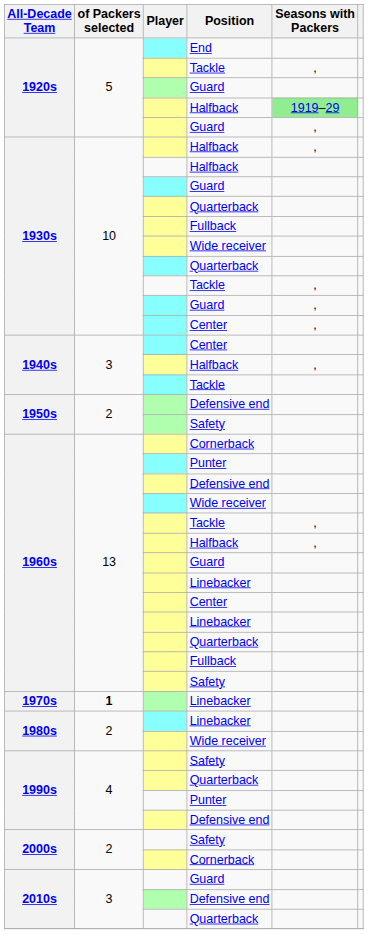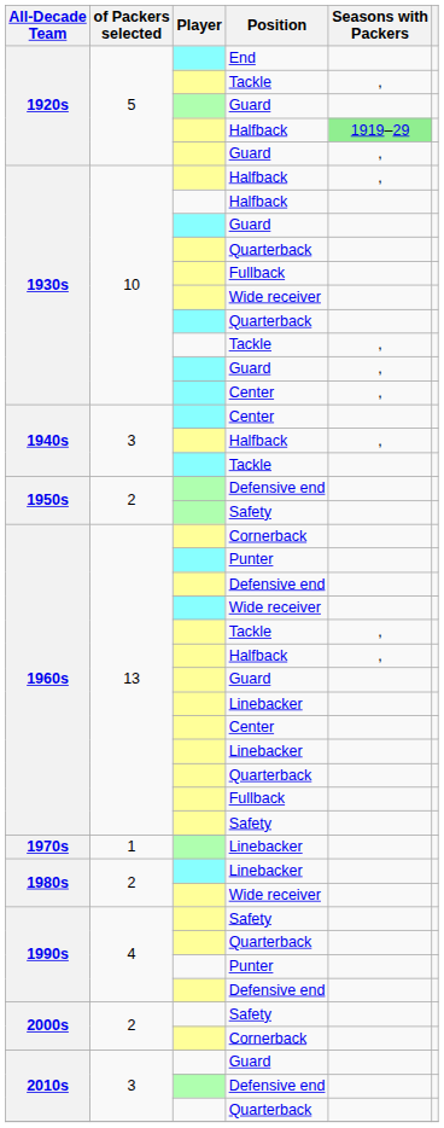 <table class='wikitable sortable sticky-header-multi' style="text-align: center;">
 <tr>
 <th scope="col"><a href='#'>All-Decade<br>Team</a></th>
 <th scope="col"> of Packers<br>selected</th>
 <th scope="col">Player</th>
 <th scope="col">Position</th>
 <th scope="col">Seasons with<br>Packers</th>
 <th scope="col" class=unsortable></th>
 </tr>
 <tr>
 <th scope=rowgroup rowspan="5"><a href='#'>1920s</a></th>
 <td rowspan="5">5</td>
 <td bgcolor="#88FFFF" align=left> <sup></sup></td>
 <td align=left><a href='#'>End</a></td>
 <td></td>
 <td></td>
 </tr>
 <tr>
 <td bgcolor="#FFFF99" align=left> </td>
 <td align=left><a href='#'>Tackle</a></td>
 <td>, </td>
 <td></td>
 </tr>
 <tr>
 <td bgcolor="#AFFFAF" align=left> </td>
 <td align=left><a href='#'>Guard</a></td>
 <td></td>
 <td></td>
 </tr>
 <tr>
 <td bgcolor="#FFFF99" align=left> </td>
 <td align=left><a href='#'>Halfback</a></td>
 <td style="background: lightgreen;"><a href='#'>1919</a>–<a href='#'>29</a></td>
 <td></td>
 </tr>
 <tr>
 <td bgcolor="#FFFF99" align=left> </td>
 <td align=left><a href='#'>Guard</a></td>
 <td>, </td>
 <td></td>
 </tr>
 <tr>
 <th scope=rowgroup rowspan="10"><a href='#'>1930s</a></th>
 <td rowspan="10">10</td>
 <td bgcolor="#FFFF99" align=left> </td>
 <td align=left><a href='#'>Halfback</a></td>
 <td>, </td>
 <td></td>
 </tr>
 <tr>
 <td align=left></td>
 <td align=left><a href='#'>Halfback</a></td>
 <td></td>
 <td></td>
 </tr>
 <tr>
 <td bgcolor="#88FFFF" align=left> <sup></sup></td>
 <td align=left><a href='#'>Guard</a></td>
 <td></td>
 <td></td>
 </tr>
 <tr>
 <td bgcolor="#FFFF99" align=left> </td>
 <td align=left><a href='#'>Quarterback</a></td>
 <td></td>
 <td></td>
 </tr>
 <tr>
 <td bgcolor="#FFFF99" align=left> </td>
 <td align=left><a href='#'>Fullback</a></td>
 <td></td>
 <td></td>
 </tr>
 <tr>
 <td bgcolor="#FFFF99" align=left> </td>
 <td align=left><a href='#'>Wide receiver</a></td>
 <td></td>
 <td></td>
 </tr>
 <tr>
 <td bgcolor="#88FFFF" align=left> <sup></sup></td>
 <td align=left><a href='#'>Quarterback</a></td>
 <td></td>
 <td></td>
 </tr>
 <tr>
 <td align=left></td>
 <td align=left><a href='#'>Tackle</a></td>
 <td>, </td>
 <td></td>
 </tr>
 <tr>
 <td bgcolor="#88FFFF" align=left> <sup></sup></td>
 <td align=left><a href='#'>Guard</a></td>
 <td>, </td>
 <td></td>
 </tr>
 <tr>
 <td bgcolor="#88FFFF" align=left> <sup></sup></td>
 <td align=left><a href='#'>Center</a></td>
 <td>, </td>
 <td></td>
 </tr>
 <tr>
 <th scope=rowgroup rowspan="3"><a href='#'>1940s</a></th>
 <td rowspan="3">3</td>
 <td bgcolor="#88FFFF" align=left> <sup></sup></td>
 <td align=left><a href='#'>Center</a></td>
 <td></td>
 <td></td>
 </tr>
 <tr>
 <td bgcolor="#FFFF99" align=left> </td>
 <td align=left><a href='#'>Halfback</a></td>
 <td>, </td>
 <td></td>
 </tr>
 <tr>
 <td bgcolor="#88FFFF" align=left> <sup></sup></td>
 <td align=left><a href='#'>Tackle</a></td>
 <td></td>
 <td></td>
 </tr>
 <tr>
 <th scope=rowgroup rowspan="2"><a href='#'>1950s</a></th>
 <td rowspan="2">2</td>
 <td bgcolor="#AFFFAF" align=left> </td>
 <td align=left><a href='#'>Defensive end</a></td>
 <td></td>
 <td></td>
 </tr>
 <tr>
 <td bgcolor="#AFFFAF" align=left> </td>
 <td align=left><a href='#'>Safety</a></td>
 <td></td>
 <td></td>
 </tr>
 <tr>
 <th scope=rowgroup rowspan="13"><a href='#'>1960s</a></th>
 <td rowspan="13">13</td>
 <td bgcolor="#FFFF99" align=left> </td>
 <td align=left><a href='#'>Cornerback</a></td>
 <td></td>
 <td></td>
 </tr>
 <tr>
 <td bgcolor="#88FFFF" align=left> <sup></sup></td>
 <td align=left><a href='#'>Punter</a></td>
 <td></td>
 <td></td>
 </tr>
 <tr>
 <td bgcolor="#FFFF99" align=left> </td>
 <td align=left><a href='#'>Defensive end</a></td>
 <td></td>
 <td></td>
 </tr>
 <tr>
 <td bgcolor="#88FFFF" align=left> <sup></sup></td>
 <td align=left><a href='#'>Wide receiver</a></td>
 <td></td>
 <td></td>
 </tr>
 <tr>
 <td bgcolor="#FFFF99" align=left> </td>
 <td align=left><a href='#'>Tackle</a></td>
 <td>, </td>
 <td></td>
 </tr>
 <tr>
 <td bgcolor="#FFFF99" align=left> </td>
 <td align=left><a href='#'>Halfback</a></td>
 <td>, </td>
 <td></td>
 </tr>
 <tr>
 <td bgcolor="#FFFF99" align=left> </td>
 <td align=left><a href='#'>Guard</a></td>
 <td></td>
 <td></td>
 </tr>
 <tr>
 <td bgcolor="#FFFF99" align=left> </td>
 <td align=left><a href='#'>Linebacker</a></td>
 <td></td>
 <td></td>
 </tr>
 <tr>
 <td bgcolor="#FFFF99" align=left> </td>
 <td align=left><a href='#'>Center</a></td>
 <td></td>
 <td></td>
 </tr>
 <tr>
 <td bgcolor="#FFFF99" align=left> </td>
 <td align=left><a href='#'>Linebacker</a></td>
 <td></td>
 <td></td>
 </tr>
 <tr>
 <td bgcolor="#FFFF99" align=left> </td>
 <td align=left><a href='#'>Quarterback</a></td>
 <td></td>
 <td></td>
 </tr>
 <tr>
 <td bgcolor="#FFFF99" align=left> </td>
 <td align=left><a href='#'>Fullback</a></td>
 <td></td>
 <td></td>
 </tr>
 <tr>
 <td bgcolor="#FFFF99" align=left> </td>
 <td align=left><a href='#'>Safety</a></td>
 <td></td>
 <td></td>
 </tr>
 <tr>
 <th scope=row align=left><a href='#'>1970s</a></th>
-<td><strong>1</strong></td>
+<td>1</td>
 <td bgcolor="#AFFFAF" align=left> </td>
 <td align=left><a href='#'>Linebacker</a></td>
 <td></td>
 <td></td>
 </tr>
 <tr>
 <th scope=rowgroup rowspan="2"><a href='#'>1980s</a></th>
 <td rowspan="2">2</td>
 <td bgcolor="#88FFFF" align=left> <sup></sup></td>
 <td align=left><a href='#'>Linebacker</a></td>
 <td></td>
 <td></td>
 </tr>
 <tr>
 <td bgcolor="#FFFF99" align=left> </td>
 <td align=left><a href='#'>Wide receiver</a></td>
 <td></td>
 <td></td>
 </tr>
 <tr>
 <th scope=rowgroup rowspan="4"><a href='#'>1990s</a></th>
 <td rowspan="4">4</td>
 <td bgcolor="#FFFF99" align=left> </td>
 <td align=left><a href='#'>Safety</a></td>
 <td></td>
 <td></td>
 </tr>
 <tr>
 <td bgcolor="#FFFF99" align=left> </td>
 <td align=left><a href='#'>Quarterback</a></td>
 <td></td>
 <td></td>
 </tr>
 <tr>
 <td align=left></td>
 <td align=left><a href='#'>Punter</a></td>
 <td></td>
 <td></td>
 </tr>
 <tr>
 <td bgcolor="#FFFF99" align=left> </td>
 <td align=left><a href='#'>Defensive end</a></td>
 <td></td>
 <td></td>
 </tr>
 <tr>
 <th scope=rowgroup rowspan="2"><a href='#'>2000s</a></th>
 <td rowspan="2">2</td>
 <td align=left></td>
 <td align=left><a href='#'>Safety</a></td>
 <td></td>
 <td></td>
 </tr>
 <tr>
 <td bgcolor="#FFFF99" align=left> </td>
 <td align=left><a href='#'>Cornerback</a></td>
 <td></td>
 <td></td>
 </tr>
 <tr>
 <th scope=rowgroup rowspan="3"><a href='#'>2010s</a></th>
 <td rowspan="3">3</td>
 <td align=left></td>
 <td align=left><a href='#'>Guard</a></td>
 <td></td>
 <td></td>
 </tr>
 <tr>
 <td bgcolor="#AFFFAF" align=left> </td>
 <td align=left><a href='#'>Defensive end</a></td>
 <td></td>
 <td></td>
 </tr>
 <tr>
 <td align=left></td>
 <td align=left><a href='#'>Quarterback</a></td>
 <td></td>
 <td></td>
 </tr>
 <tr>
 </tr>
 </table>
